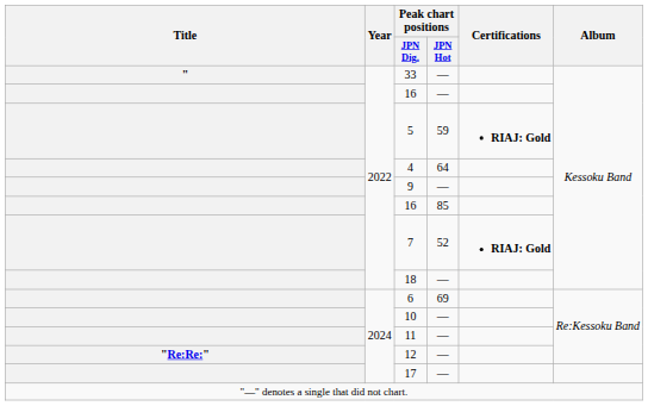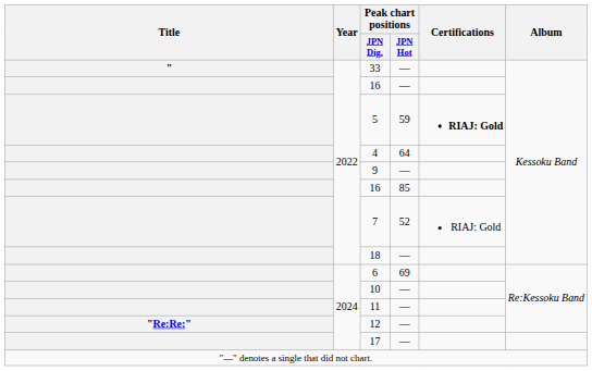 <table class="wikitable plainrowheaders" style="text-align:center;">
 <tr>
 <th scope="col" rowspan="2" style="width:30em;">Title</th>
 <th scope="col" rowspan="2">Year</th>
 <th scope="col" colspan="2">Peak chart positions</th>
 <th scope="col" rowspan="2">Certifications</th>
 <th scope="col" rowspan="2">Album</th>
 </tr>
 <tr>
 <th scope="col" style="width:2.75em;font-size:85%;"><a href='#'>JPN<br>Dig.</a><br></th>
 <th scope="col" style="width:2.75em;font-size:85%;"><a href='#'>JPN<br>Hot</a><br></th>
 </tr>
 <tr>
 <th scope="row">"</th>
 <td rowspan="8">2022</td>
 <td>33</td>
 <td>—</td>
 <td></td>
 <td rowspan="8"><em>Kessoku Band</em></td>
 </tr>
 <tr>
 <th scope="row"></th>
 <td>16</td>
 <td>—</td>
 <td></td>
 </tr>
 <tr>
 <th scope="row"></th>
 <td>5</td>
 <td>59</td>
 <td><strong><br><ul><li>RIAJ: Gold </li></ul></strong></td>
 </tr>
 <tr>
 <th scope="row"></th>
 <td>4</td>
 <td>64</td>
 <td></td>
 </tr>
 <tr>
 <th scope="row"></th>
 <td>9</td>
 <td>—</td>
 <td></td>
 </tr>
 <tr>
 <th scope="row"></th>
 <td>16</td>
 <td>85</td>
 <td></td>
 </tr>
 <tr>
 <th scope="row"></th>
 <td>7</td>
 <td>52</td>
-<td><strong><br><ul><li>RIAJ: Gold </li></ul></strong></td>
+<td><br><ul><li>RIAJ: Gold </li></ul></td>
 </tr>
 <tr>
 <th scope="row"></th>
 <td>18</td>
 <td>—</td>
 <td></td>
 </tr>
 <tr>
 <th scope="row"></th>
 <td rowspan="5">2024</td>
 <td>6</td>
 <td>69</td>
 <td></td>
 <td rowspan="4"><em>Re:Kessoku Band</em></td>
 </tr>
 <tr>
 <th scope="row"></th>
 <td>10</td>
 <td>—</td>
 <td></td>
 </tr>
 <tr>
 <th scope="row"></th>
 <td>11</td>
 <td>—</td>
 <td></td>
 </tr>
 <tr>
 <th scope="row">"<a href='#'>Re:Re:</a>"</th>
 <td>12</td>
 <td>—</td>
 <td></td>
 </tr>
 <tr>
 <th scope="row"></th>
 <td>17</td>
 <td>—</td>
 <td></td>
 <td></td>
 </tr>
 <tr>
 <td colspan="7" align="center" style="font-size:90%;">"—" denotes a single that did not chart.</td>
 </tr>
 </table>
